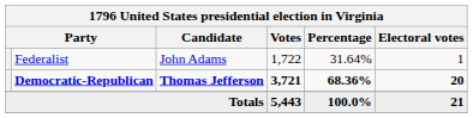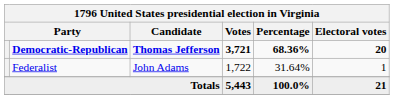 <table class="wikitable">
 <tr>
 <th colspan="6">1796 United States presidential election in Virginia</th>
 </tr>
 <tr>
 <th colspan="2">Party</th>
 <th>Candidate</th>
 <th>Votes</th>
 <th>Percentage</th>
 <th>Electoral votes</th>
 </tr>
 <tr>
 <th></th>
+<td><strong><a href='#'>Democratic-Republican</a></strong></td>
+<td><strong><a href='#'>Thomas Jefferson</a></strong></td>
+<td align="right"><strong>3,721</strong></td>
+<td align="right"><strong>68.36%</strong></td>
+<td align="right"><strong>20</strong></td>
+</tr>
+<tr>
+<th></th>
 <td><a href='#'>Federalist</a></td>
 <td><a href='#'>John Adams</a></td>
 <td align="right">1,722</td>
 <td align="right">31.64%</td>
 <td align="right">1</td>
-</tr>
-<tr>
-<th></th>
-<td><strong><a href='#'>Democratic-Republican</a></strong></td>
-<td><strong><a href='#'>Thomas Jefferson</a></strong></td>
-<td align="right"><strong>3,721</strong></td>
-<td align="right"><strong>68.36%</strong></td>
-<td align="right"><strong>20</strong></td>
 </tr>
 <tr>
 </tr>
 <tr bgcolor="#EEEEEE">
 <td colspan="3" align="right"><strong>Totals</strong></td>
 <td align="right"><strong>5,443</strong></td>
 <td align="right"><strong>100.0%</strong></td>
 <td align="right"><strong>21</strong></td>
 </tr>
 <tr>
 </tr>
 </table>
